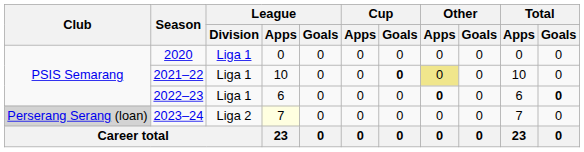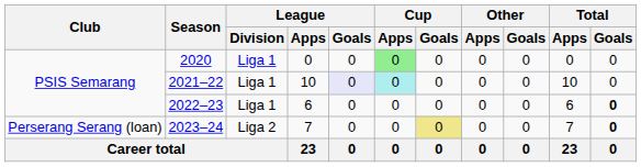 <table class="wikitable" style="text-align: center">
 <tr>
 <th rowspan="2">Club</th>
 <th rowspan="2">Season</th>
 <th colspan="3">League</th>
 <th colspan="2">Cup</th>
 <th colspan="2">Other</th>
 <th colspan="2">Total</th>
 </tr>
 <tr>
 <th>Division</th>
 <th>Apps</th>
 <th>Goals</th>
 <th>Apps</th>
 <th>Goals</th>
 <th>Apps</th>
 <th>Goals</th>
 <th>Apps</th>
 <th>Goals</th>
 </tr>
 <tr>
 <td rowspan="3"><a href='#'>PSIS Semarang</a></td>
 <td><a href='#'>2020</a></td>
 <td><a href='#'>Liga 1</a></td>
 <td>0</td>
 <td>0</td>
-<td>0</td>
+<td style="background: lightgreen;">0</td>
 <td>0</td>
 <td>0</td>
 <td>0</td>
 <td>0</td>
 <td>0</td>
 </tr>
 <tr>
 <td><a href='#'>2021–22</a></td>
 <td rowspan="1" valign="center">Liga 1</td>
 <td>10</td>
+<td style="background: lavender;">0</td>
+<td style="background: paleturquoise;">0</td>
 <td>0</td>
 <td>0</td>
-<td><strong>0</strong></td>
-<td style="background: khaki;">0</td>
 <td>0</td>
 <td>10</td>
 <td>0</td>
 </tr>
 <tr>
 <td><a href='#'>2022–23</a></td>
 <td>Liga 1</td>
 <td>6</td>
 <td>0</td>
 <td>0</td>
 <td>0</td>
-<td><strong>0</strong></td>
+<td>0</td>
 <td>0</td>
 <td>6</td>
 <td><strong>0</strong></td>
 </tr>
 <tr>
-<td style="background: lightgrey;"><a href='#'>Perserang Serang</a> (loan)</td>
+<td><a href='#'>Perserang Serang</a> (loan)</td>
 <td><a href='#'>2023–24</a></td>
 <td>Liga 2</td>
-<td style="background: lightyellow;">7</td>
+<td>7</td>
 <td>0</td>
 <td>0</td>
-<td>0</td>
+<td style="background: khaki;">0</td>
 <td>0</td>
 <td>0</td>
 <td>7</td>
-<td>0</td>
+<td><strong>0</strong></td>
 </tr>
 <tr>
 <th colspan="3">Career total</th>
 <th>23</th>
 <th>0</th>
 <th>0</th>
 <th>0</th>
 <th>0</th>
 <th>0</th>
 <th>23</th>
 <th>0</th>
 </tr>
 </table>
